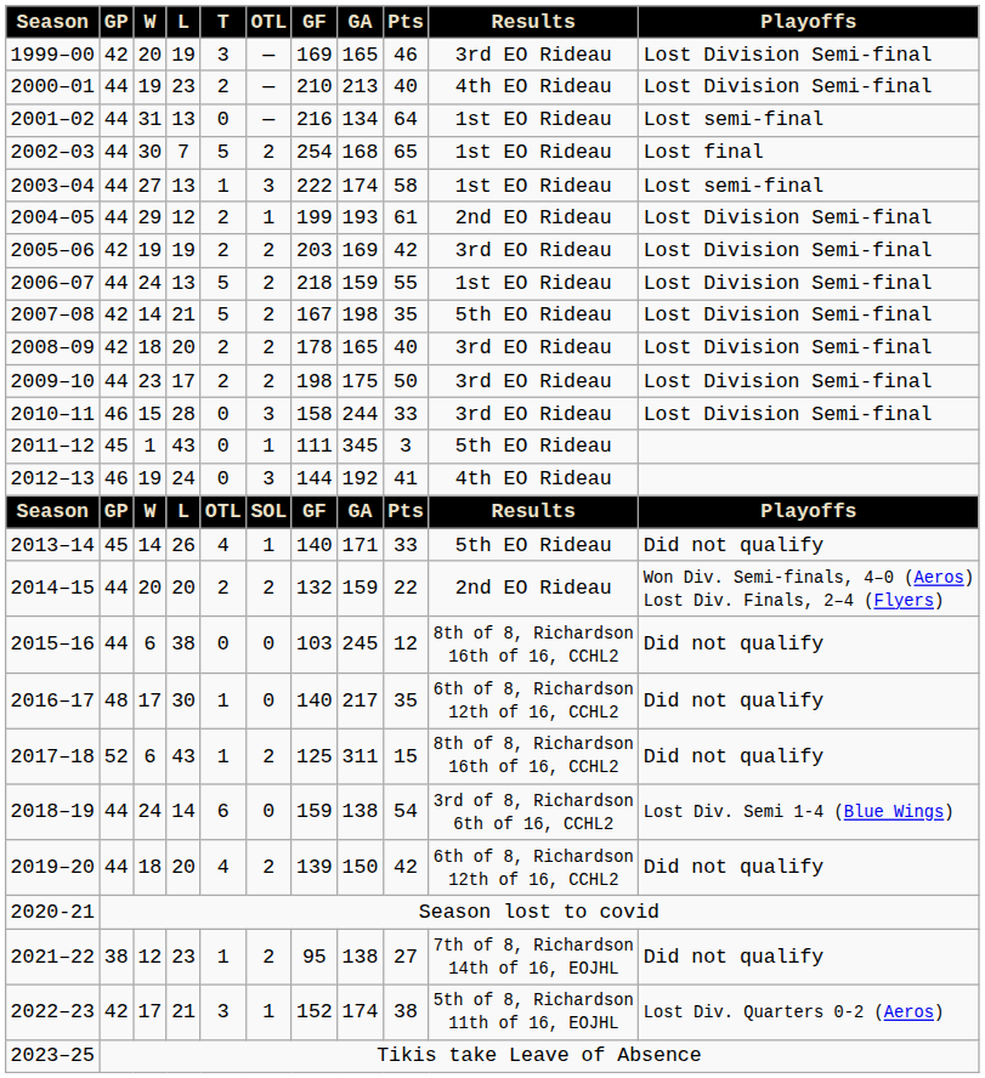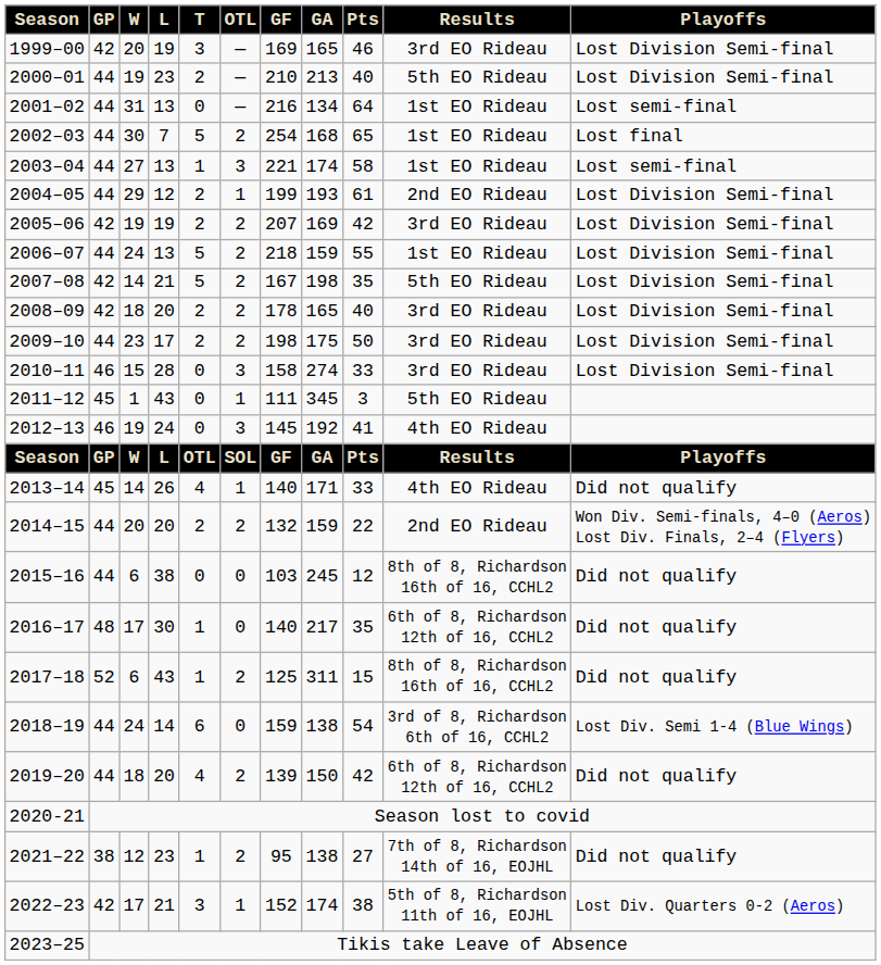 <table class="wikitable" style="text-align:center">
 <tr style="color:#EAE0C8; font-weight:bold; background-color:#000000;">
 <td>Season</td>
 <td>GP</td>
 <td>W</td>
 <td>L</td>
 <td>T</td>
 <td>OTL</td>
 <td>GF</td>
 <td>GA</td>
 <td>Pts</td>
 <td>Results</td>
 <td>Playoffs</td>
 </tr>
 <tr>
 <td>1999–00</td>
 <td>42</td>
 <td>20</td>
 <td>19</td>
 <td>3</td>
 <td>—</td>
 <td>169</td>
 <td>165</td>
 <td>46</td>
 <td>3rd EO Rideau</td>
 <td align=left>Lost Division Semi-final</td>
 </tr>
 <tr>
 <td>2000–01</td>
 <td>44</td>
 <td>19</td>
 <td>23</td>
 <td>2</td>
 <td>—</td>
 <td>210</td>
 <td>213</td>
 <td>40</td>
-<td>4th EO Rideau</td>
+<td>5th EO Rideau</td>
 <td align=left>Lost Division Semi-final</td>
 </tr>
 <tr>
 <td>2001–02</td>
 <td>44</td>
 <td>31</td>
 <td>13</td>
 <td>0</td>
 <td>—</td>
 <td>216</td>
 <td>134</td>
 <td>64</td>
 <td>1st EO Rideau</td>
 <td align=left>Lost semi-final</td>
 </tr>
 <tr>
 <td>2002–03</td>
 <td>44</td>
 <td>30</td>
 <td>7</td>
 <td>5</td>
 <td>2</td>
 <td>254</td>
 <td>168</td>
 <td>65</td>
 <td>1st EO Rideau</td>
 <td align=left>Lost final</td>
 </tr>
 <tr>
 <td>2003–04</td>
 <td>44</td>
 <td>27</td>
 <td>13</td>
 <td>1</td>
 <td>3</td>
-<td>222</td>
+<td>221</td>
 <td>174</td>
 <td>58</td>
 <td>1st EO Rideau</td>
 <td align=left>Lost semi-final</td>
 </tr>
 <tr>
 <td>2004–05</td>
 <td>44</td>
 <td>29</td>
 <td>12</td>
 <td>2</td>
 <td>1</td>
 <td>199</td>
 <td>193</td>
 <td>61</td>
 <td>2nd EO Rideau</td>
 <td align=left>Lost Division Semi-final</td>
 </tr>
 <tr>
 <td>2005–06</td>
 <td>42</td>
 <td>19</td>
 <td>19</td>
 <td>2</td>
 <td>2</td>
-<td>203</td>
+<td>207</td>
 <td>169</td>
 <td>42</td>
 <td>3rd EO Rideau</td>
 <td align=left>Lost Division Semi-final</td>
 </tr>
 <tr>
 <td>2006–07</td>
 <td>44</td>
 <td>24</td>
 <td>13</td>
 <td>5</td>
 <td>2</td>
 <td>218</td>
 <td>159</td>
 <td>55</td>
 <td>1st EO Rideau</td>
 <td align=left>Lost Division Semi-final</td>
 </tr>
 <tr>
 <td>2007–08</td>
 <td>42</td>
 <td>14</td>
 <td>21</td>
 <td>5</td>
 <td>2</td>
 <td>167</td>
 <td>198</td>
 <td>35</td>
 <td>5th EO Rideau</td>
 <td align=left>Lost Division Semi-final</td>
 </tr>
 <tr>
 <td>2008–09</td>
 <td>42</td>
 <td>18</td>
 <td>20</td>
 <td>2</td>
 <td>2</td>
 <td>178</td>
 <td>165</td>
 <td>40</td>
 <td>3rd EO Rideau</td>
 <td align=left>Lost Division Semi-final</td>
 </tr>
 <tr>
 <td>2009–10</td>
 <td>44</td>
 <td>23</td>
 <td>17</td>
 <td>2</td>
 <td>2</td>
 <td>198</td>
 <td>175</td>
 <td>50</td>
 <td>3rd EO Rideau</td>
 <td align=left>Lost Division Semi-final</td>
 </tr>
 <tr>
 <td>2010–11</td>
 <td>46</td>
 <td>15</td>
 <td>28</td>
 <td>0</td>
 <td>3</td>
 <td>158</td>
-<td>244</td>
+<td>274</td>
 <td>33</td>
 <td>3rd EO Rideau</td>
 <td align=left>Lost Division Semi-final</td>
 </tr>
 <tr>
 <td>2011–12</td>
 <td>45</td>
 <td>1</td>
 <td>43</td>
 <td>0</td>
 <td>1</td>
 <td>111</td>
 <td>345</td>
 <td>3</td>
 <td>5th EO Rideau</td>
 <td align=left></td>
 </tr>
 <tr>
 <td>2012–13</td>
 <td>46</td>
 <td>19</td>
 <td>24</td>
 <td>0</td>
 <td>3</td>
-<td>144</td>
+<td>145</td>
 <td>192</td>
 <td>41</td>
 <td>4th EO Rideau</td>
 <td align=left></td>
 </tr>
 <tr style="color:#EAE0C8; font-weight:bold; background-color:#000000;">
 <td>Season</td>
 <td>GP</td>
 <td>W</td>
 <td>L</td>
 <td>OTL</td>
 <td>SOL</td>
 <td>GF</td>
 <td>GA</td>
 <td>Pts</td>
 <td>Results</td>
 <td>Playoffs</td>
 </tr>
 <tr>
 <td>2013–14</td>
 <td>45</td>
 <td>14</td>
 <td>26</td>
 <td>4</td>
 <td>1</td>
 <td>140</td>
 <td>171</td>
 <td>33</td>
-<td>5th EO Rideau</td>
+<td>4th EO Rideau</td>
 <td align=left>Did not qualify</td>
 </tr>
 <tr>
 <td>2014–15</td>
 <td>44</td>
 <td>20</td>
 <td>20</td>
 <td>2</td>
 <td>2</td>
 <td>132</td>
 <td>159</td>
 <td>22</td>
 <td>2nd EO Rideau</td>
 <td align=left><small>Won Div. Semi-finals, 4–0 (<a href='#'>Aeros</a>)<br>Lost Div. Finals, 2–4 (<a href='#'>Flyers</a>)</small></td>
 </tr>
 <tr>
 <td>2015–16</td>
 <td>44</td>
 <td>6</td>
 <td>38</td>
 <td>0</td>
 <td>0</td>
 <td>103</td>
 <td>245</td>
 <td>12</td>
 <td><small>8th of 8, Richardson<br>16th of 16, CCHL2</small></td>
 <td align=left>Did not qualify</td>
 </tr>
 <tr>
 <td>2016–17</td>
 <td>48</td>
 <td>17</td>
 <td>30</td>
 <td>1</td>
 <td>0</td>
 <td>140</td>
 <td>217</td>
 <td>35</td>
 <td><small>6th of 8, Richardson<br>12th of 16, CCHL2</small></td>
 <td align=left>Did not qualify</td>
 </tr>
 <tr>
 <td>2017–18</td>
 <td>52</td>
 <td>6</td>
 <td>43</td>
 <td>1</td>
 <td>2</td>
 <td>125</td>
 <td>311</td>
 <td>15</td>
 <td><small>8th of 8, Richardson<br>16th of 16, CCHL2</small></td>
 <td align=left>Did not qualify</td>
 </tr>
 <tr>
 <td>2018–19</td>
 <td>44</td>
 <td>24</td>
 <td>14</td>
 <td>6</td>
 <td>0</td>
 <td>159</td>
 <td>138</td>
 <td>54</td>
 <td><small>3rd of 8, Richardson<br>6th of 16, CCHL2</small></td>
 <td align=left><small>Lost Div. Semi 1-4 (<a href='#'>Blue Wings</a>)</small></td>
 </tr>
 <tr>
 <td>2019–20</td>
 <td>44</td>
 <td>18</td>
 <td>20</td>
 <td>4</td>
 <td>2</td>
 <td>139</td>
 <td>150</td>
 <td>42</td>
 <td><small>6th of 8, Richardson<br>12th of 16, CCHL2</small></td>
 <td align=left>Did not qualify</td>
 </tr>
 <tr>
 <td>2020-21</td>
 <td colspan="10">Season lost to covid</td>
 </tr>
 <tr>
 <td>2021–22</td>
 <td>38</td>
 <td>12</td>
 <td>23</td>
 <td>1</td>
 <td>2</td>
 <td>95</td>
 <td>138</td>
 <td>27</td>
 <td><small>7th of 8, Richardson<br>14th of 16, EOJHL</small></td>
 <td align=left>Did not qualify</td>
 </tr>
 <tr>
 <td>2022–23</td>
 <td>42</td>
 <td>17</td>
 <td>21</td>
 <td>3</td>
 <td>1</td>
 <td>152</td>
 <td>174</td>
 <td>38</td>
 <td><small>5th of 8, Richardson<br>11th of 16, EOJHL</small></td>
 <td align=left><small>Lost Div. Quarters 0-2 (<a href='#'>Aeros</a>)</small></td>
 </tr>
 <tr>
 <td>2023–25</td>
 <td colspan=10>Tikis take Leave of Absence</td>
 </tr>
 </table>
